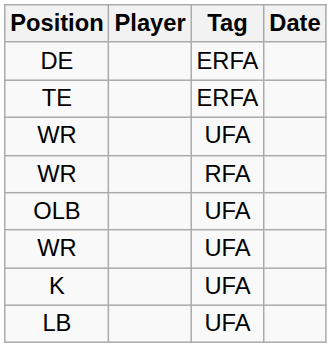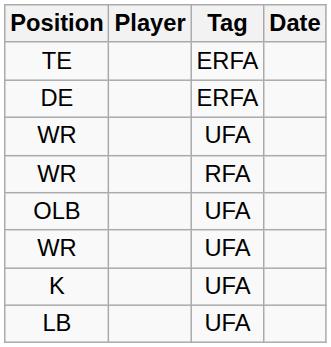 <table class="wikitable sortable" style="text-align:center">
 <tr>
 <th>Position</th>
 <th>Player</th>
 <th>Tag</th>
 <th>Date</th>
 </tr>
 <tr>
-<td>DE</td>
+<td>TE</td>
 <td></td>
 <td>ERFA</td>
 <td></td>
 </tr>
 <tr>
-<td>TE</td>
+<td>DE</td>
 <td></td>
 <td>ERFA</td>
 <td></td>
 </tr>
 <tr>
 <td>WR</td>
 <td></td>
 <td>UFA</td>
 <td></td>
 </tr>
 <tr>
 <td>WR</td>
 <td></td>
 <td>RFA</td>
 <td></td>
 </tr>
 <tr>
 <td>OLB</td>
 <td></td>
 <td>UFA</td>
 <td></td>
 </tr>
 <tr>
 <td>WR</td>
 <td></td>
 <td>UFA</td>
 <td></td>
 </tr>
 <tr>
 <td>K</td>
 <td></td>
 <td>UFA</td>
 <td></td>
 </tr>
 <tr>
 <td>LB</td>
 <td></td>
 <td>UFA</td>
 <td></td>
 </tr>
 </table>
